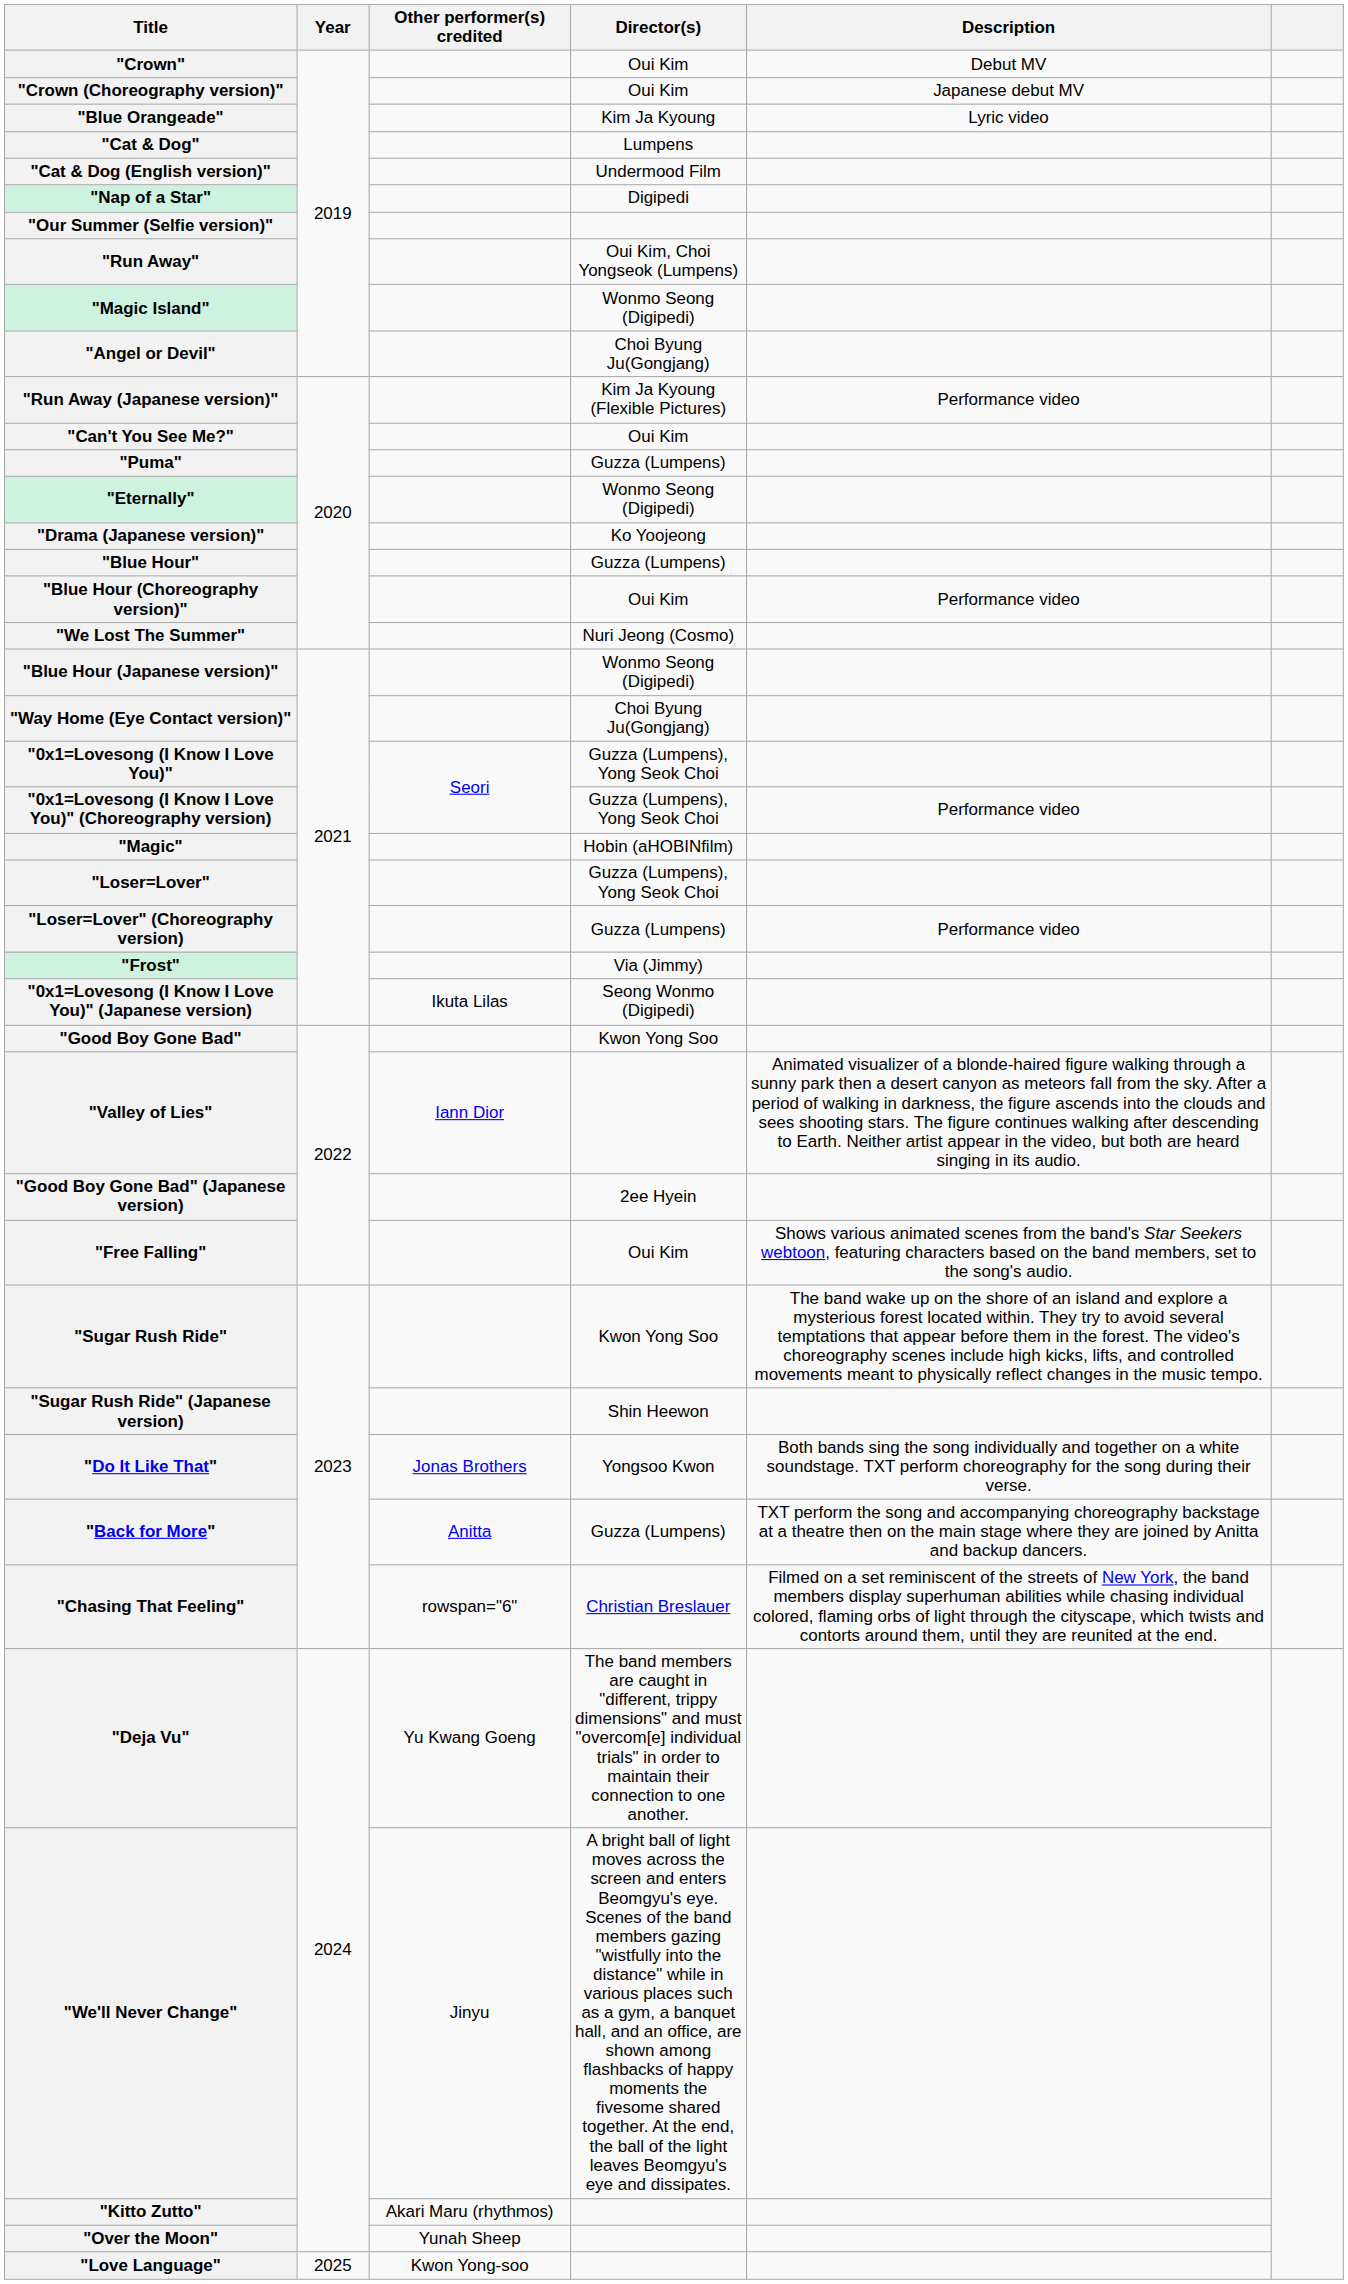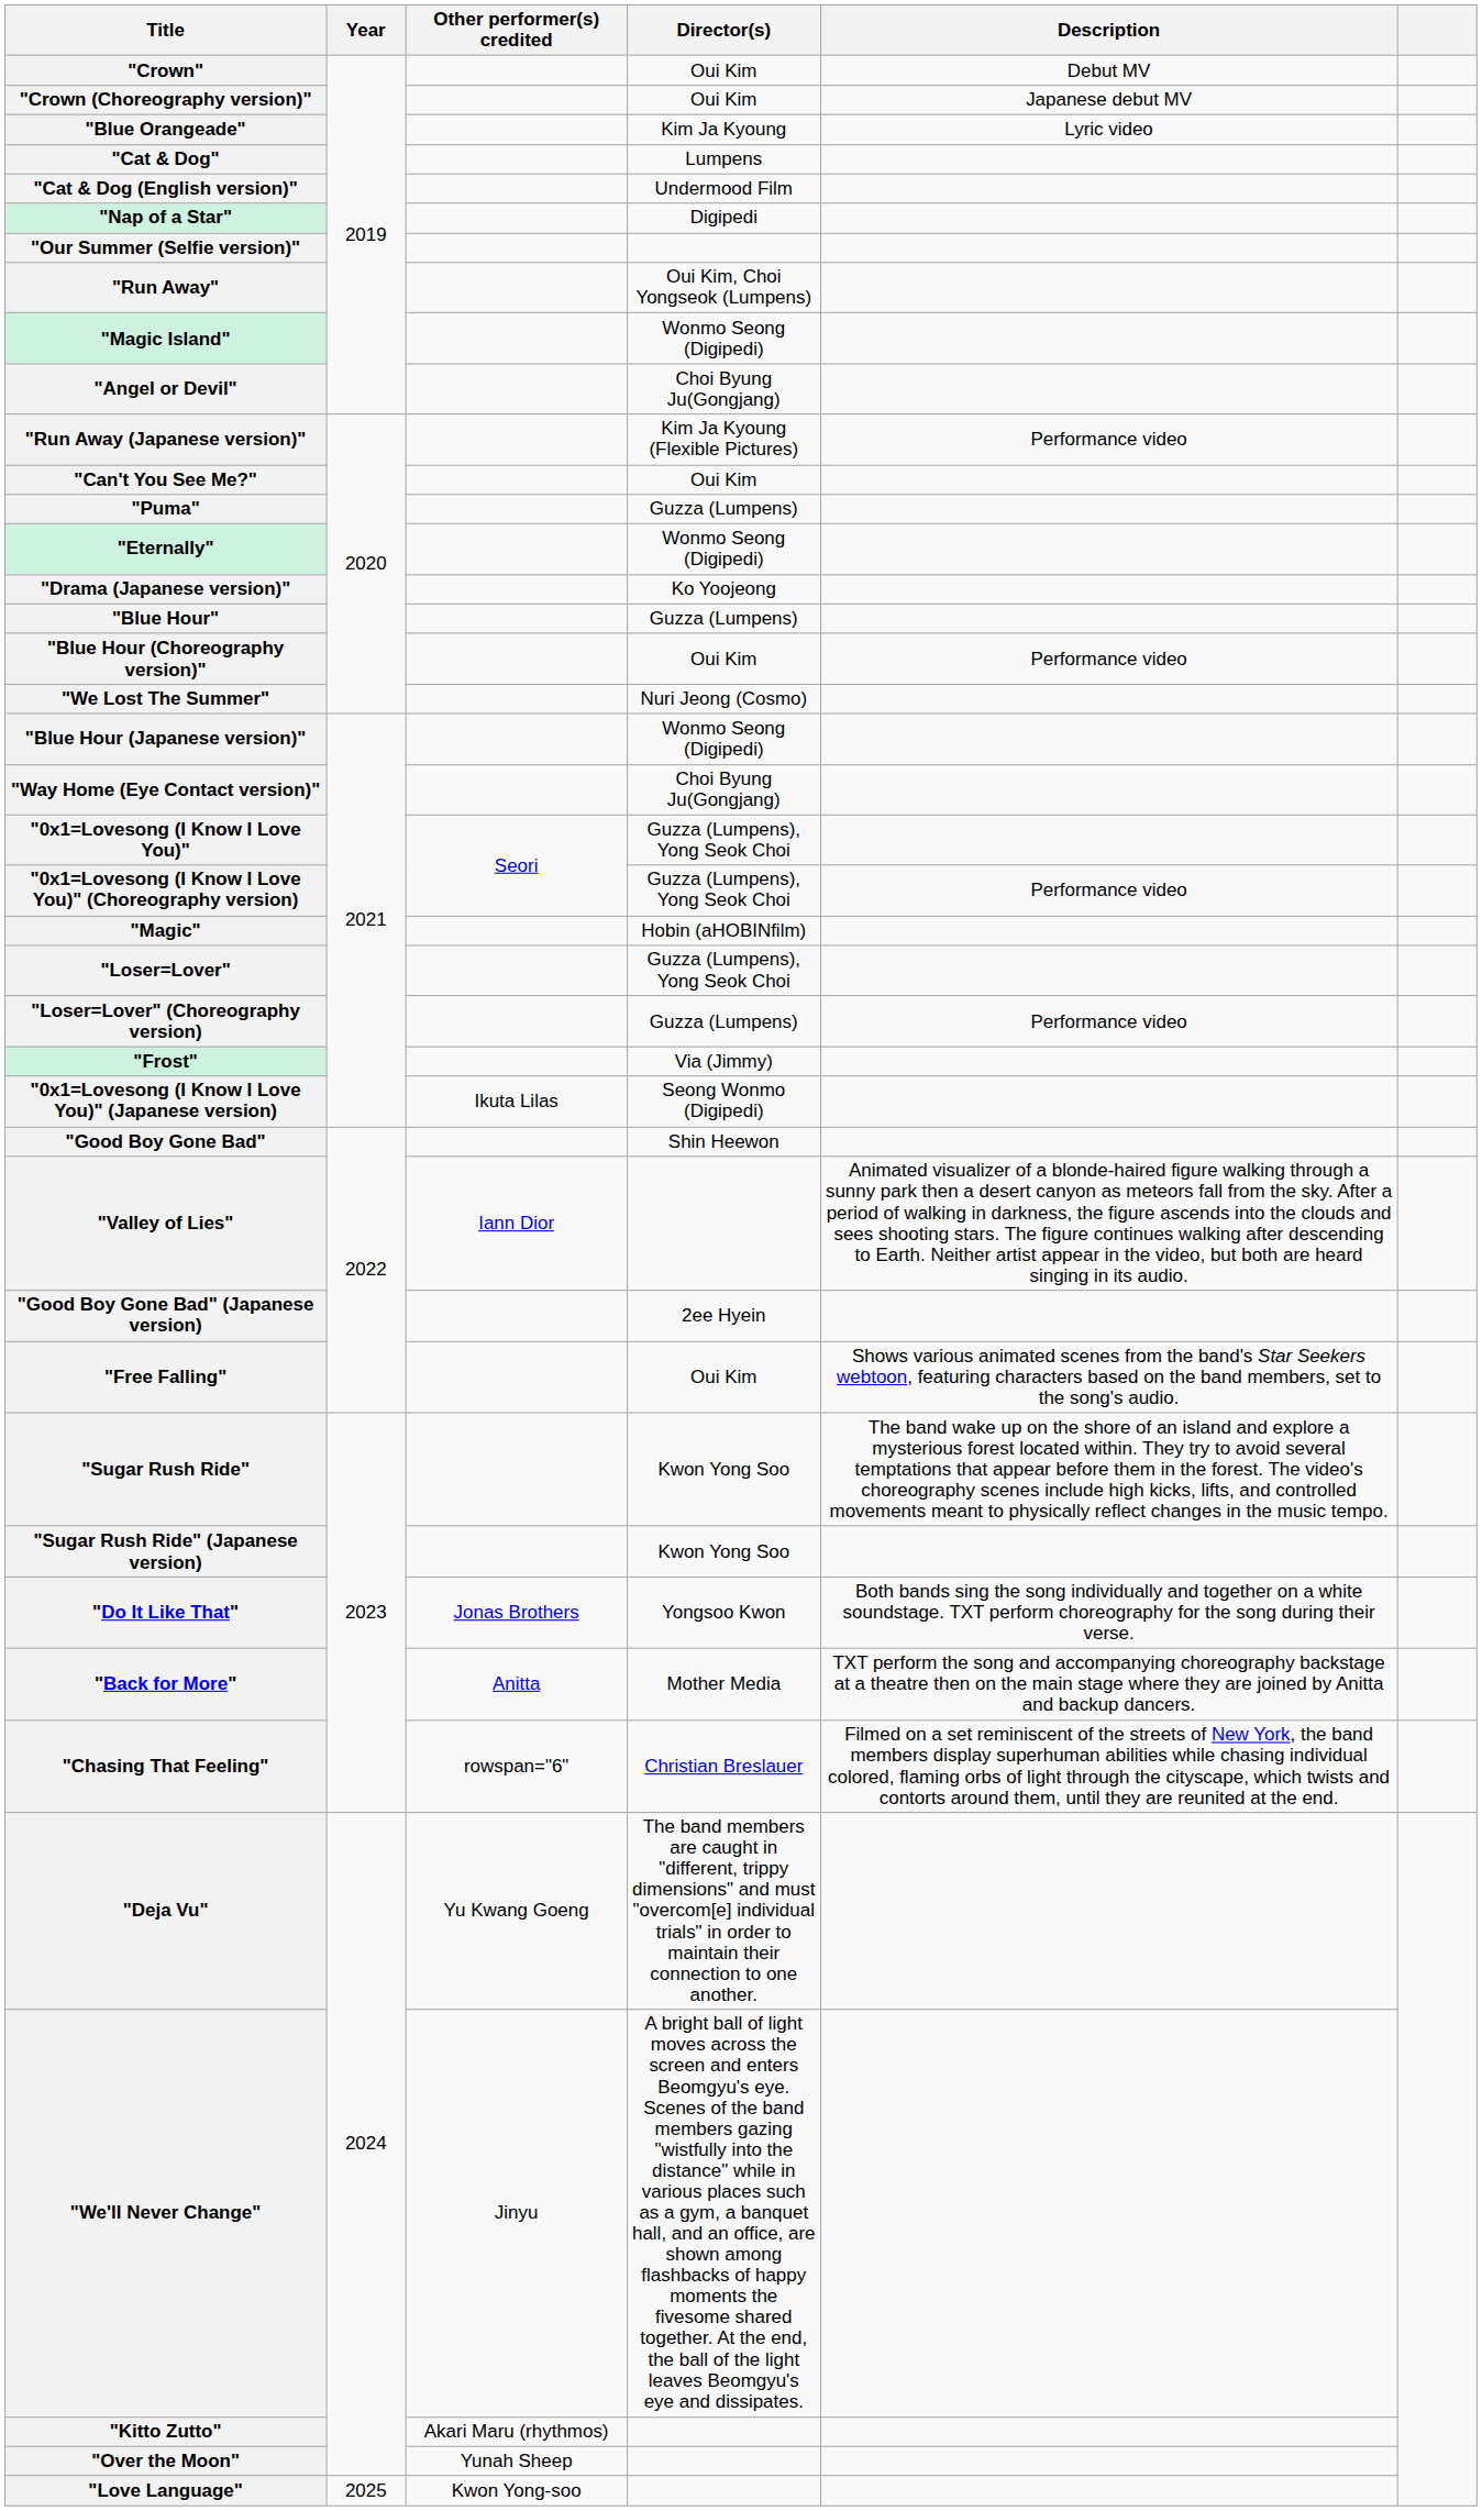 <table class="wikitable plainrowheaders" style="text-align:center; table-layout:fixed; margin-right:0; width:100%">
 <tr>
 <th scope="col" style=" width:22%">Title</th>
 <th scope="col" style=" width:5%">Year</th>
 <th scope="col" style=" width:15%">Other performer(s) credited</th>
 <th scope="col" style=" width:13%">Director(s)</th>
 <th scope="col" style=" width:40%">Description</th>
 <th scope="col" style="width:5%"></th>
 </tr>
 <tr>
 <th scope="row">"Crown"</th>
 <td rowspan="10">2019</td>
 <td></td>
 <td>Oui Kim</td>
 <td>Debut MV</td>
 <td></td>
 </tr>
 <tr>
 <th scope="row">"Crown (Choreography version)"</th>
 <td></td>
 <td>Oui Kim</td>
 <td>Japanese debut MV</td>
 <td></td>
 </tr>
 <tr>
 <th scope="row">"Blue Orangeade"</th>
 <td></td>
 <td>Kim Ja Kyoung</td>
 <td>Lyric video</td>
 <td></td>
 </tr>
 <tr>
 <th scope="row">"Cat & Dog"</th>
 <td></td>
 <td>Lumpens</td>
 <td></td>
 <td></td>
 </tr>
 <tr>
 <th scope="row">"Cat & Dog (English version)"</th>
 <td></td>
 <td>Undermood Film</td>
 <td></td>
 <td></td>
 </tr>
 <tr>
 <th scope="row" style="background-color:#CEF2E0">"Nap of a Star"</th>
 <td></td>
 <td>Digipedi</td>
 <td></td>
 <td></td>
 </tr>
 <tr>
 <th scope="row">"Our Summer (Selfie version)"</th>
 <td></td>
 <td></td>
 <td></td>
 <td></td>
 </tr>
 <tr>
 <th scope="row">"Run Away"</th>
 <td></td>
 <td>Oui Kim, Choi Yongseok (Lumpens)</td>
 <td></td>
 <td></td>
 </tr>
 <tr>
 <th scope="row" style="background-color:#CEF2E0">"Magic Island"</th>
 <td></td>
 <td>Wonmo Seong (Digipedi)</td>
 <td></td>
 <td></td>
 </tr>
 <tr>
 <th scope="row">"Angel or Devil"</th>
 <td></td>
 <td>Choi Byung Ju(Gongjang)</td>
 <td></td>
 <td></td>
 </tr>
 <tr>
 <th scope="row">"Run Away (Japanese version)"</th>
 <td rowspan="8">2020</td>
 <td></td>
 <td>Kim Ja Kyoung (Flexible Pictures)</td>
 <td>Performance video</td>
 <td></td>
 </tr>
 <tr>
 <th scope="row">"Can't You See Me?"</th>
 <td></td>
 <td>Oui Kim</td>
 <td></td>
 <td></td>
 </tr>
 <tr>
 <th scope="row">"Puma"</th>
 <td></td>
 <td>Guzza (Lumpens)</td>
 <td></td>
 <td></td>
 </tr>
 <tr>
 <th scope="row" style="background-color:#CEF2E0">"Eternally"</th>
 <td></td>
 <td>Wonmo Seong (Digipedi)</td>
 <td></td>
 <td></td>
 </tr>
 <tr>
 <th scope="row">"Drama (Japanese version)"</th>
 <td></td>
 <td>Ko Yoojeong</td>
 <td></td>
 <td></td>
 </tr>
 <tr>
 <th scope="row">"Blue Hour"</th>
 <td></td>
 <td>Guzza (Lumpens)</td>
 <td></td>
 <td></td>
 </tr>
 <tr>
 <th scope="row">"Blue Hour (Choreography version)"</th>
 <td></td>
 <td>Oui Kim</td>
 <td>Performance video</td>
 <td></td>
 </tr>
 <tr>
 <th scope="row">"We Lost The Summer"</th>
 <td></td>
 <td>Nuri Jeong (Cosmo)</td>
 <td></td>
 <td></td>
 </tr>
 <tr>
 <th scope="row">"Blue Hour (Japanese version)"</th>
 <td rowspan="9">2021</td>
 <td></td>
 <td>Wonmo Seong (Digipedi)</td>
 <td></td>
 <td></td>
 </tr>
 <tr>
 <th scope="row">"Way Home (Eye Contact version)"</th>
 <td></td>
 <td>Choi Byung Ju(Gongjang)</td>
 <td></td>
 <td></td>
 </tr>
 <tr>
 <th scope="row">"0x1=Lovesong (I Know I Love You)"</th>
 <td rowspan="2"><a href='#'>Seori</a></td>
 <td>Guzza (Lumpens), Yong Seok Choi</td>
 <td></td>
 <td></td>
 </tr>
 <tr>
 <th scope="row">"0x1=Lovesong (I Know I Love You)" (Choreography version)</th>
 <td>Guzza (Lumpens), Yong Seok Choi</td>
 <td>Performance video</td>
 <td></td>
 </tr>
 <tr>
 <th scope="row">"Magic"</th>
 <td></td>
 <td>Hobin (aHOBINfilm)</td>
 <td></td>
 <td></td>
 </tr>
 <tr>
 <th scope="row">"Loser=Lover"</th>
 <td></td>
 <td>Guzza (Lumpens), Yong Seok Choi</td>
 <td></td>
 <td></td>
 </tr>
 <tr>
 <th scope="row">"Loser=Lover" (Choreography version)</th>
 <td></td>
 <td>Guzza (Lumpens)</td>
 <td>Performance video</td>
 <td></td>
 </tr>
 <tr>
 <th scope="row" style="background-color:#CEF2E0">"Frost"</th>
 <td></td>
 <td>Via (Jimmy)</td>
 <td></td>
 <td></td>
 </tr>
 <tr>
 <th scope="row">"0x1=Lovesong (I Know I Love You)" (Japanese version)</th>
 <td>Ikuta Lilas</td>
 <td>Seong Wonmo (Digipedi)</td>
 <td></td>
 <td></td>
 </tr>
 <tr>
 <th scope="row">"Good Boy Gone Bad"</th>
 <td rowspan="4">2022</td>
 <td></td>
-<td>Kwon Yong Soo</td>
+<td>Shin Heewon</td>
 <td></td>
 <td></td>
 </tr>
 <tr>
 <th scope="row">"Valley of Lies"</th>
 <td><a href='#'>Iann Dior</a></td>
 <td></td>
 <td>Animated visualizer of a blonde-haired figure walking through a sunny park then a desert canyon as meteors fall from the sky. After a period of walking in darkness, the figure ascends into the clouds and sees shooting stars. The figure continues walking after descending to Earth. Neither artist appear in the video, but both are heard singing in its audio.</td>
 <td></td>
 </tr>
 <tr>
 <th scope="row">"Good Boy Gone Bad" (Japanese version)</th>
 <td></td>
 <td>2ee Hyein</td>
 <td></td>
 <td></td>
 </tr>
 <tr>
 <th scope="row">"Free Falling"</th>
 <td></td>
 <td>Oui Kim</td>
 <td>Shows various animated scenes from the band's <em>Star Seekers</em> <a href='#'>webtoon</a>, featuring characters based on the band members, set to the song's audio.</td>
 <td></td>
 </tr>
 <tr>
 <th scope="row">"Sugar Rush Ride"</th>
 <td rowspan="5">2023</td>
 <td></td>
 <td>Kwon Yong Soo</td>
 <td>The band wake up on the shore of an island and explore a mysterious forest located within. They try to avoid several temptations that appear before them in the forest. The video's choreography scenes include high kicks, lifts, and controlled movements meant to physically reflect changes in the music tempo.</td>
 <td></td>
 </tr>
 <tr>
 <th scope="row">"Sugar Rush Ride" (Japanese version)</th>
 <td></td>
-<td>Shin Heewon</td>
+<td>Kwon Yong Soo</td>
 <td></td>
 <td></td>
 </tr>
 <tr>
 <th scope="row">"<a href='#'>Do It Like That</a>"</th>
 <td><a href='#'>Jonas Brothers</a></td>
 <td>Yongsoo Kwon</td>
 <td>Both bands sing the song individually and together on a white soundstage. TXT perform choreography for the song during their verse.</td>
 <td></td>
 </tr>
 <tr>
 <th scope="row">"<a href='#'>Back for More</a>"</th>
 <td><a href='#'>Anitta</a></td>
-<td>Guzza (Lumpens)</td>
+<td>Mother Media</td>
 <td>TXT perform the song and accompanying choreography backstage at a theatre then on the main stage where they are joined by Anitta and backup dancers.</td>
 <td></td>
 </tr>
 <tr>
 <th scope="row">"Chasing That Feeling"</th>
 <td>rowspan="6" </td>
 <td><a href='#'>Christian Breslauer</a></td>
 <td>Filmed on a set reminiscent of the streets of <a href='#'>New York</a>, the band members display superhuman abilities while chasing individual colored, flaming orbs of light through the cityscape, which twists and contorts around them, until they are reunited at the end.</td>
 <td></td>
 </tr>
 <tr>
 <th scope="row">"Deja Vu"</th>
 <td rowspan="4">2024</td>
 <td>Yu Kwang Goeng</td>
 <td>The band members are caught in "different, trippy dimensions" and must "overcom[e] individual trials" in order to maintain their connection to one another.</td>
 <td></td>
 </tr>
 <tr>
 <th scope="row">"We'll Never Change"</th>
 <td>Jinyu</td>
 <td>A bright ball of light moves across the screen and enters Beomgyu's eye. Scenes of the band members gazing "wistfully into the distance" while in various places such as a gym, a banquet hall, and an office, are shown among flashbacks of happy moments the fivesome shared together. At the end, the ball of the light leaves Beomgyu's eye and dissipates.</td>
 <td></td>
 </tr>
 <tr>
 <th scope="row">"Kitto Zutto"</th>
 <td>Akari Maru (rhythmos)</td>
 <td></td>
 <td></td>
 </tr>
 <tr>
 <th scope="row">"Over the Moon"</th>
 <td>Yunah Sheep</td>
 <td></td>
 <td></td>
 </tr>
 <tr>
 <th scope="row">"Love Language"</th>
 <td>2025</td>
 <td>Kwon Yong-soo</td>
 <td></td>
 <td></td>
 </tr>
 </table>
